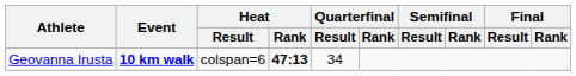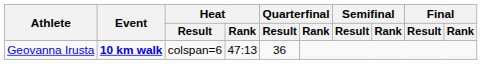 <table class="wikitable" style="font-size:90%">
 <tr>
 <th rowspan="2">Athlete</th>
 <th rowspan="2">Event</th>
 <th colspan="2">Heat</th>
 <th colspan="2">Quarterfinal</th>
 <th colspan="2">Semifinal</th>
 <th colspan="2">Final</th>
 </tr>
 <tr style="font-size:95%">
 <th>Result</th>
 <th>Rank</th>
 <th>Result</th>
 <th>Rank</th>
 <th>Result</th>
 <th>Rank</th>
 <th>Result</th>
 <th>Rank</th>
 </tr>
 <tr align=center>
 <td align=left><a href='#'>Geovanna Irusta</a></td>
 <td align=left><strong><a href='#'>10 km walk</a></strong></td>
 <td>colspan=6 </td>
-<td><strong>47:13</strong></td>
-<td>34</td>
+<td>47:13</td>
+<td>36</td>
 </tr>
 </table>
